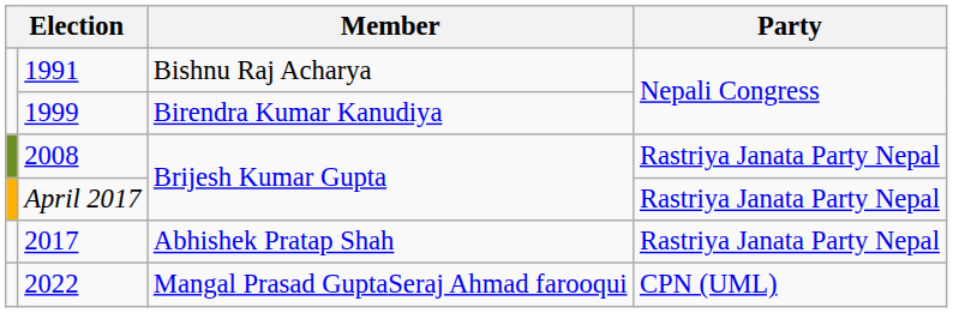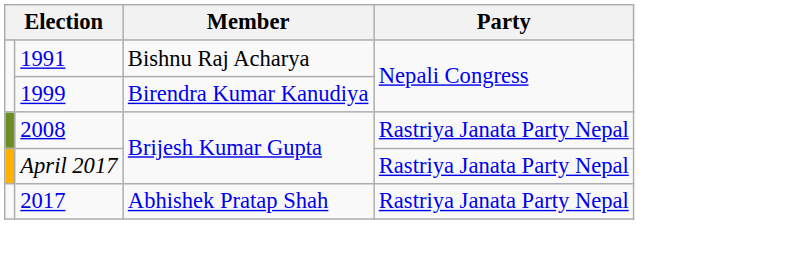 <table class="wikitable">
 <tr>
 <th colspan="2">Election</th>
 <th>Member</th>
 <th>Party</th>
 </tr>
 <tr>
 <td rowspan="2" style="background-color:"></td>
 <td><a href='#'>1991</a></td>
 <td>Bishnu Raj Acharya</td>
 <td rowspan="2"><a href='#'>Nepali Congress</a></td>
 </tr>
 <tr>
 <td><a href='#'>1999</a></td>
 <td><a href='#'>Birendra Kumar Kanudiya</a></td>
 </tr>
 <tr>
 <td style="background-color:olivedrab"></td>
 <td><a href='#'>2008</a></td>
 <td rowspan="2"><a href='#'>Brijesh Kumar Gupta</a></td>
 <td><a href='#'>Rastriya Janata Party Nepal</a></td>
 </tr>
 <tr>
 <td style="background-color:#ffb300"></td>
 <td><em>April 2017</em></td>
 <td><a href='#'>Rastriya Janata Party Nepal</a></td>
 </tr>
 <tr>
 <td style="background-color:"></td>
 <td><a href='#'>2017</a></td>
 <td><a href='#'>Abhishek Pratap Shah</a></td>
 <td><a href='#'>Rastriya Janata Party Nepal</a></td>
 </tr>
-<tr>
-<td></td>
-<td><a href='#'>2022</a></td>
-<td><a href='#'>Mangal Prasad Gupta</a><a href='#'>Seraj Ahmad farooqui</a></td>
-<td><a href='#'>CPN (UML)</a></td>
-</tr>
 </table>
